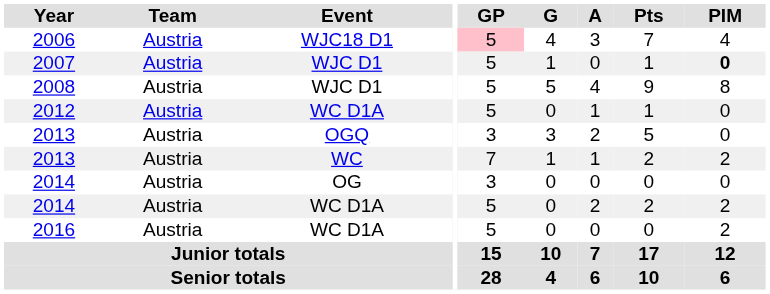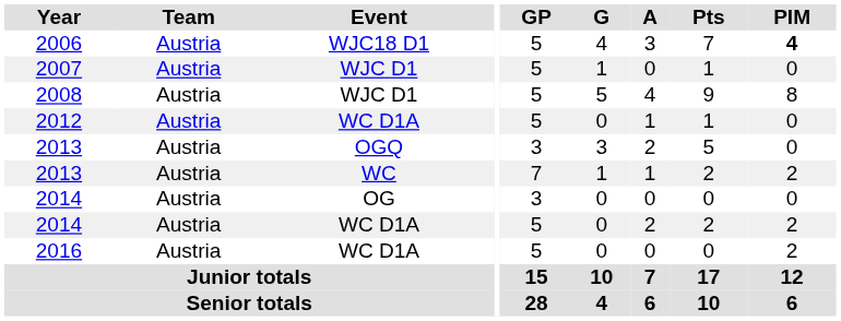 <table border="0" cellpadding="1" cellspacing="0" ID="Table3" style="text-align:center; width:40em">
 <tr ALIGN="center" bgcolor="#e0e0e0">
 <th>Year</th>
 <th>Team</th>
 <th>Event</th>
 <th rowspan="99" bgcolor="#ffffff"></th>
 <th>GP</th>
 <th>G</th>
 <th>A</th>
 <th>Pts</th>
 <th>PIM</th>
 </tr>
 <tr>
 <td><a href='#'>2006</a></td>
 <td><a href='#'>Austria</a></td>
 <td><a href='#'>WJC18 D1</a></td>
-<td style="background: pink;">5</td>
+<td>5</td>
 <td>4</td>
 <td>3</td>
 <td>7</td>
-<td>4</td>
+<td><strong>4</strong></td>
 </tr>
 <tr bgcolor="#f0f0f0">
 <td><a href='#'>2007</a></td>
 <td><a href='#'>Austria</a></td>
 <td><a href='#'>WJC D1</a></td>
 <td>5</td>
 <td>1</td>
 <td>0</td>
 <td>1</td>
-<td><strong>0</strong></td>
+<td>0</td>
 </tr>
 <tr>
 <td><a href='#'>2008</a></td>
 <td>Austria</td>
 <td>WJC D1</td>
 <td>5</td>
 <td>5</td>
 <td>4</td>
 <td>9</td>
 <td>8</td>
 </tr>
 <tr bgcolor="#f0f0f0">
 <td><a href='#'>2012</a></td>
 <td><a href='#'>Austria</a></td>
 <td><a href='#'>WC D1A</a></td>
 <td>5</td>
 <td>0</td>
 <td>1</td>
 <td>1</td>
 <td>0</td>
 </tr>
 <tr>
 <td><a href='#'>2013</a></td>
 <td>Austria</td>
 <td><a href='#'>OGQ</a></td>
 <td>3</td>
 <td>3</td>
 <td>2</td>
 <td>5</td>
 <td>0</td>
 </tr>
 <tr bgcolor="#f0f0f0">
 <td><a href='#'>2013</a></td>
 <td>Austria</td>
 <td><a href='#'>WC</a></td>
 <td>7</td>
 <td>1</td>
 <td>1</td>
 <td>2</td>
 <td>2</td>
 </tr>
 <tr>
 <td><a href='#'>2014</a></td>
 <td>Austria</td>
 <td>OG</td>
 <td>3</td>
 <td>0</td>
 <td>0</td>
 <td>0</td>
 <td>0</td>
 </tr>
 <tr bgcolor="#f0f0f0">
 <td><a href='#'>2014</a></td>
 <td>Austria</td>
 <td>WC D1A</td>
 <td>5</td>
 <td>0</td>
 <td>2</td>
 <td>2</td>
 <td>2</td>
 </tr>
 <tr>
 <td><a href='#'>2016</a></td>
 <td>Austria</td>
 <td>WC D1A</td>
 <td>5</td>
 <td>0</td>
 <td>0</td>
 <td>0</td>
 <td>2</td>
 </tr>
 <tr bgcolor="#e0e0e0">
 <th colspan=3>Junior totals</th>
 <th>15</th>
 <th>10</th>
 <th>7</th>
 <th>17</th>
 <th>12</th>
 </tr>
 <tr bgcolor="#e0e0e0">
 <th colspan=3>Senior totals</th>
 <th>28</th>
 <th>4</th>
 <th>6</th>
 <th>10</th>
 <th>6</th>
 </tr>
 </table>
